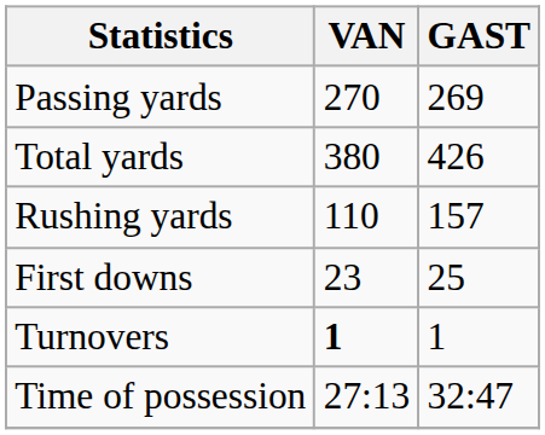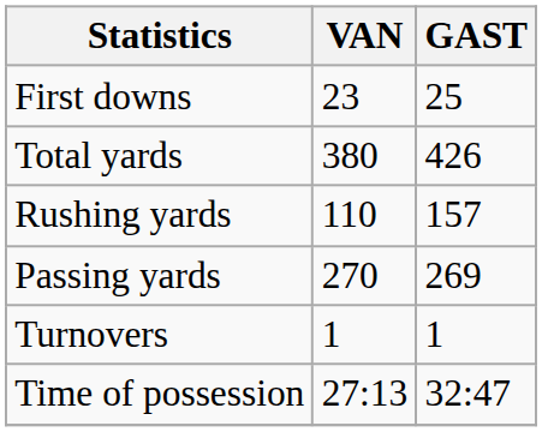 <table class="wikitable" style="float: left;">
 <tr>
 <th>Statistics</th>
 <th>VAN</th>
 <th>GAST</th>
 </tr>
 <tr>
-<td>Passing yards</td>
-<td>270</td>
-<td>269</td>
+<td>First downs</td>
+<td>23</td>
+<td>25</td>
 </tr>
 <tr>
 <td>Total yards</td>
 <td>380</td>
 <td>426</td>
 </tr>
 <tr>
 <td>Rushing yards</td>
 <td>110</td>
 <td>157</td>
 </tr>
 <tr>
-<td>First downs</td>
-<td>23</td>
-<td>25</td>
+<td>Passing yards</td>
+<td>270</td>
+<td>269</td>
 </tr>
 <tr>
 <td>Turnovers</td>
-<td><strong>1</strong></td>
+<td>1</td>
 <td>1</td>
 </tr>
 <tr>
 <td>Time of possession</td>
 <td>27:13</td>
 <td>32:47</td>
 </tr>
 <tr>
 </tr>
 </table>
